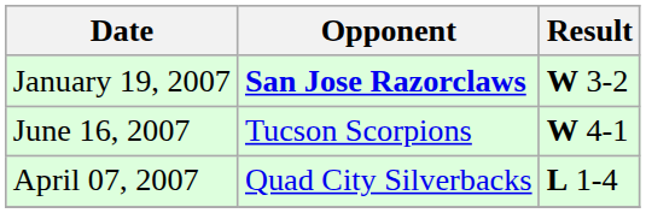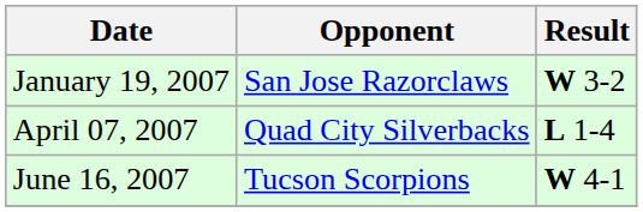 <table class="wikitable">
 <tr>
 <th>Date</th>
 <th>Opponent</th>
 <th>Result</th>
 </tr>
 <tr style="background: #ddffdd;">
 <td>January 19, 2007</td>
-<td><strong><a href='#'>San Jose Razorclaws</a></strong></td>
+<td><a href='#'>San Jose Razorclaws</a></td>
 <td><strong>W</strong> 3-2</td>
+</tr>
+<tr style="background: #ddffdd;">
+<td>April 07, 2007</td>
+<td><a href='#'>Quad City Silverbacks</a></td>
+<td><strong>L</strong> 1-4</td>
 </tr>
 <tr style="background: #ddffdd;">
 <td>June 16, 2007</td>
 <td><a href='#'>Tucson Scorpions</a></td>
 <td><strong>W</strong> 4-1</td>
 </tr>
 <tr style="background: #ddffdd;">
-<td>April 07, 2007</td>
-<td><a href='#'>Quad City Silverbacks</a></td>
-<td><strong>L</strong> 1-4</td>
-</tr>
-<tr style="background: #ddffdd;">
 </tr>
 </table>
